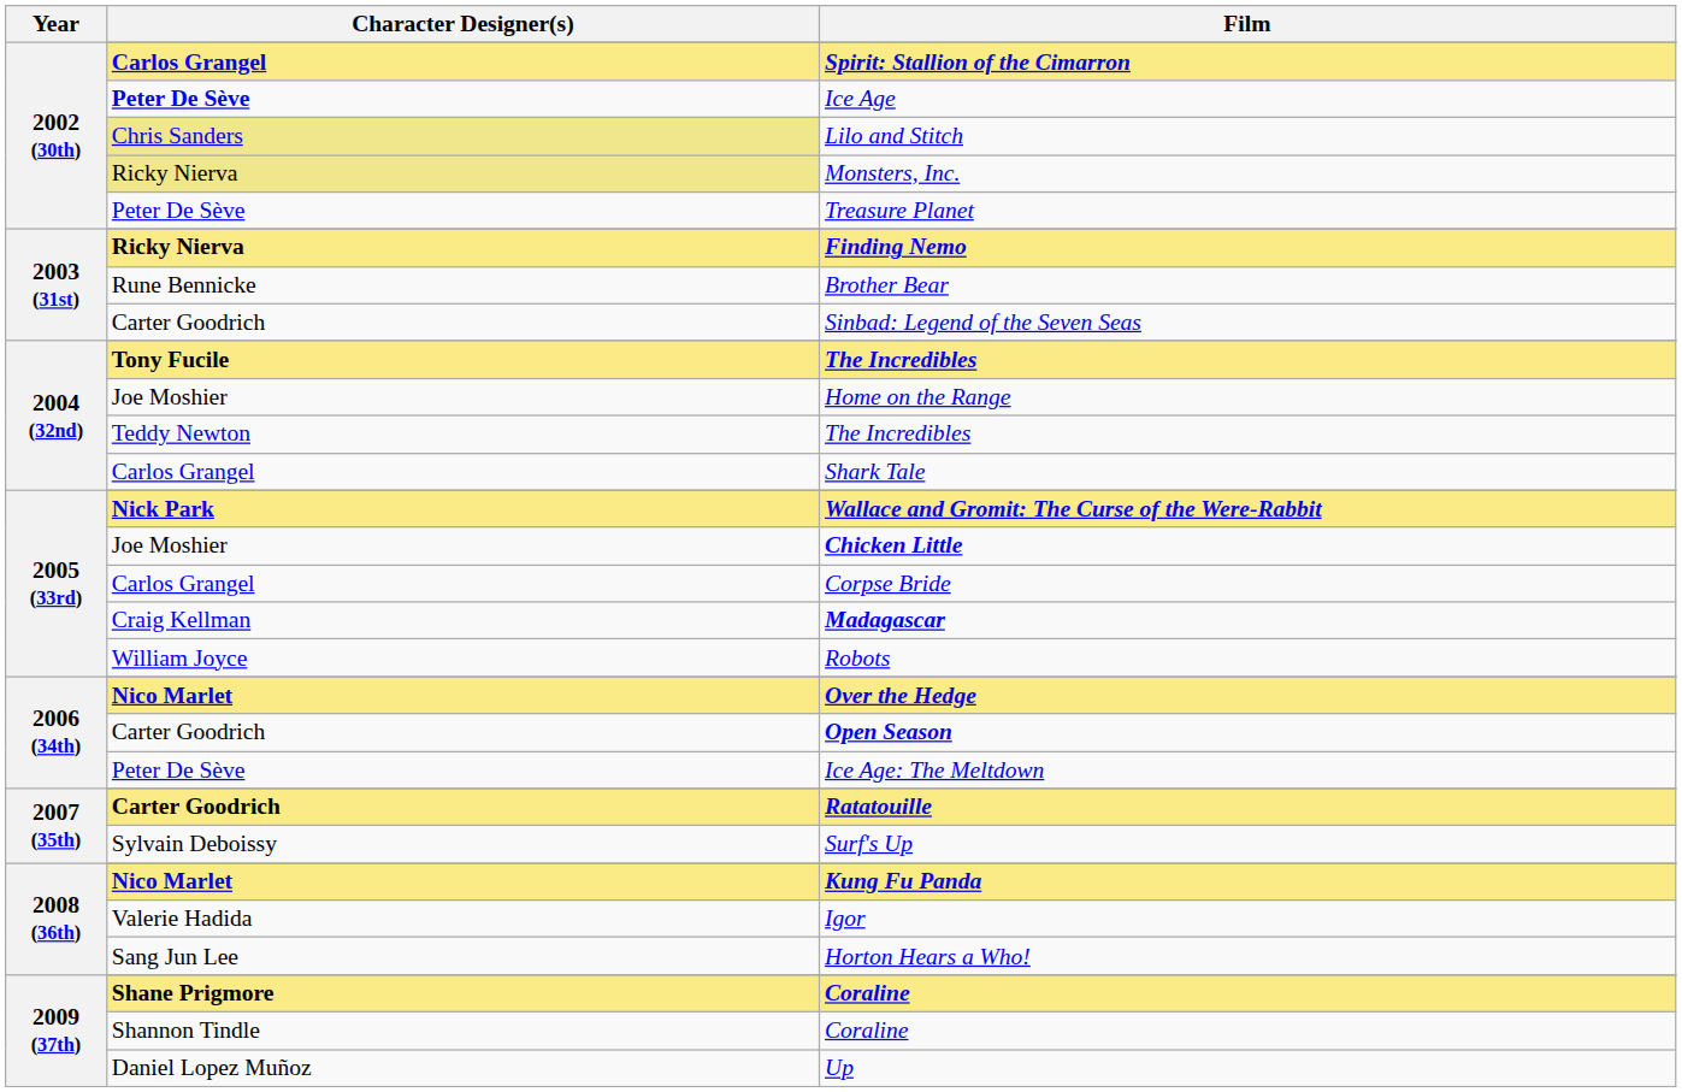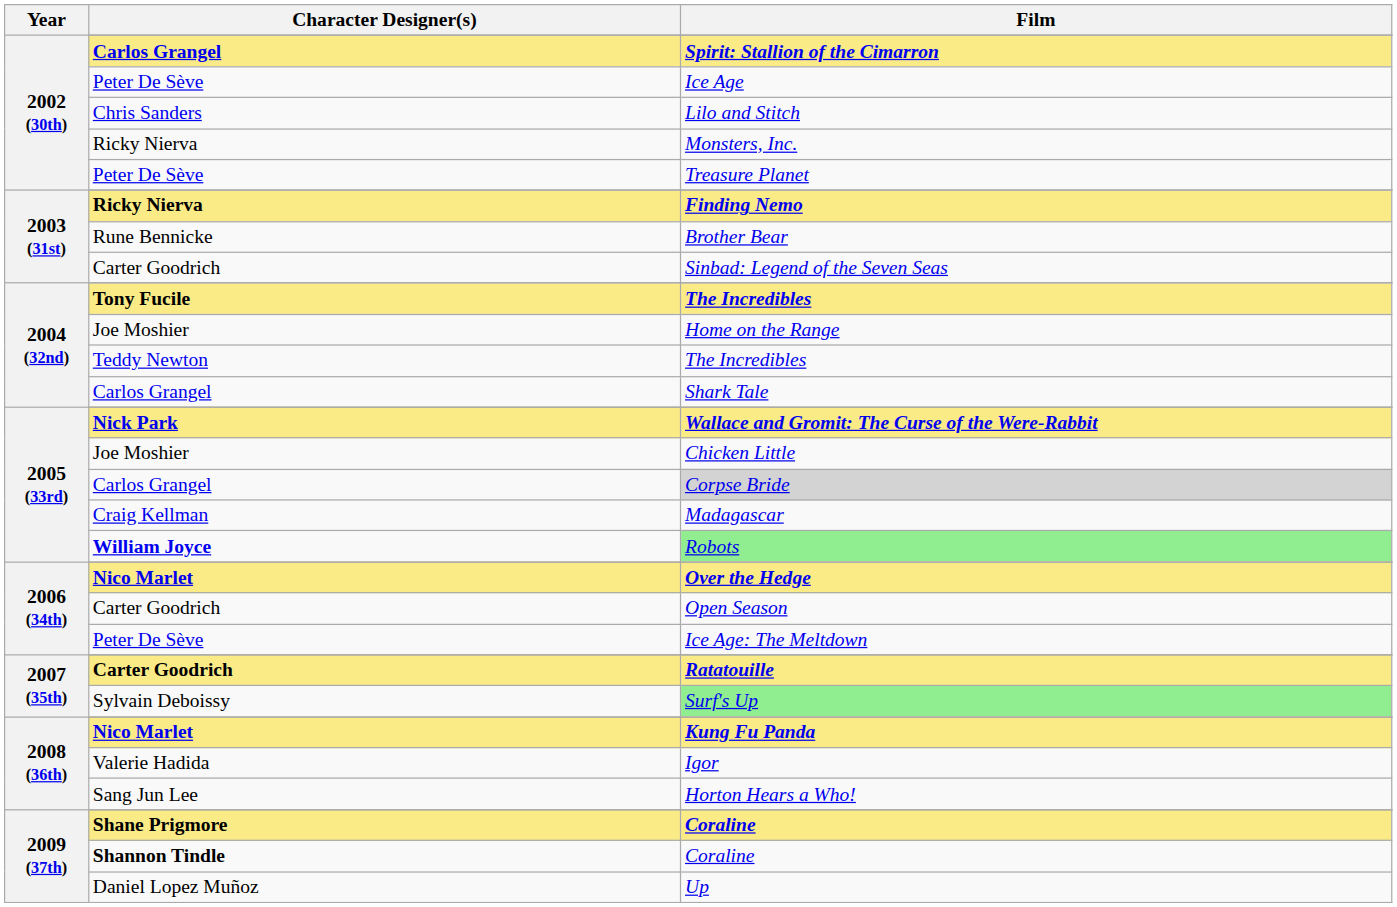 <table class="wikitable" style="width:90%;">
 <tr>
 <th style="width:3%;">Year</th>
 <th style="width:25%;">Character Designer(s)</th>
 <th style="width:30%;">Film</th>
 </tr>
 <tr>
 <th rowspan="6" style="text-align:center;">2002 <br><small>(<a href='#'>30th</a>)</small><br></th>
 </tr>
 <tr>
 <td style="background:#FAEB86;"><strong><a href='#'>Carlos Grangel</a></strong></td>
 <td style="background:#FAEB86;"><strong><em><a href='#'>Spirit: Stallion of the Cimarron</a></em></strong></td>
 </tr>
 <tr>
-<td><strong><a href='#'>Peter De Sève</a></strong></td>
+<td><a href='#'>Peter De Sève</a></td>
 <td><em><a href='#'>Ice Age</a></em></td>
 </tr>
 <tr>
-<td style="background: khaki;"><a href='#'>Chris Sanders</a></td>
+<td><a href='#'>Chris Sanders</a></td>
 <td><em><a href='#'>Lilo and Stitch</a></em></td>
 </tr>
 <tr>
-<td style="background: khaki;">Ricky Nierva</td>
+<td>Ricky Nierva</td>
 <td><em><a href='#'>Monsters, Inc.</a></em></td>
 </tr>
 <tr>
 <td><a href='#'>Peter De Sève</a></td>
 <td><em><a href='#'>Treasure Planet</a></em></td>
 </tr>
 <tr>
 <th rowspan="4" style="text-align:center;">2003 <br><small>(<a href='#'>31st</a>)</small><br></th>
 </tr>
 <tr>
 <td style="background:#FAEB86;"><strong>Ricky Nierva</strong></td>
 <td style="background:#FAEB86;"><strong><em><a href='#'>Finding Nemo</a></em></strong></td>
 </tr>
 <tr>
 <td>Rune Bennicke</td>
 <td><em><a href='#'>Brother Bear</a></em></td>
 </tr>
 <tr>
 <td>Carter Goodrich</td>
 <td><em><a href='#'>Sinbad: Legend of the Seven Seas</a></em></td>
 </tr>
 <tr>
 <th rowspan="5" style="text-align:center;">2004 <br><small>(<a href='#'>32nd</a>)</small><br></th>
 </tr>
 <tr>
 <td style="background:#FAEB86;"><strong>Tony Fucile</strong></td>
 <td style="background:#FAEB86;"><strong><em><a href='#'>The Incredibles</a></em></strong></td>
 </tr>
 <tr>
 <td>Joe Moshier</td>
 <td><a href='#'><em>Home on the Range</em></a></td>
 </tr>
 <tr>
 <td><a href='#'>Teddy Newton</a></td>
 <td><em><a href='#'>The Incredibles</a></em></td>
 </tr>
 <tr>
 <td><a href='#'>Carlos Grangel</a></td>
 <td><em><a href='#'>Shark Tale</a></em></td>
 </tr>
 <tr>
 <th rowspan="6" style="text-align:center;">2005 <br><small>(<a href='#'>33rd</a>)</small><br></th>
 </tr>
 <tr>
 <td style="background:#FAEB86;"><strong><a href='#'>Nick Park</a></strong></td>
 <td style="background:#FAEB86;"><strong><em><a href='#'>Wallace and Gromit: The Curse of the Were-Rabbit</a></em></strong></td>
 </tr>
 <tr>
 <td>Joe Moshier</td>
-<td><strong><a href='#'><em>Chicken Little</em></a></strong></td>
+<td><a href='#'><em>Chicken Little</em></a></td>
 </tr>
 <tr>
 <td><a href='#'>Carlos Grangel</a></td>
-<td><em><a href='#'>Corpse Bride</a></em></td>
+<td style="background: lightgrey;"><em><a href='#'>Corpse Bride</a></em></td>
 </tr>
 <tr>
 <td><a href='#'>Craig Kellman</a></td>
-<td><strong><em><a href='#'>Madagascar</a></em></strong></td>
+<td><em><a href='#'>Madagascar</a></em></td>
 </tr>
 <tr>
-<td><a href='#'>William Joyce</a></td>
-<td><a href='#'><em>Robots</em></a></td>
+<td><strong><a href='#'>William Joyce</a></strong></td>
+<td style="background: lightgreen;"><a href='#'><em>Robots</em></a></td>
 </tr>
 <tr>
 <th rowspan="4" style="text-align:center;">2006 <br><small>(<a href='#'>34th</a>)</small><br></th>
 </tr>
 <tr>
 <td style="background:#FAEB86;"><strong><a href='#'>Nico Marlet</a></strong></td>
 <td style="background:#FAEB86;"><strong><em><a href='#'>Over the Hedge</a></em></strong></td>
 </tr>
 <tr>
 <td>Carter Goodrich</td>
-<td><strong><a href='#'><em>Open Season</em></a></strong></td>
+<td><a href='#'><em>Open Season</em></a></td>
 </tr>
 <tr>
 <td><a href='#'>Peter De Sève</a></td>
 <td><em><a href='#'>Ice Age: The Meltdown</a></em></td>
 </tr>
 <tr>
 <th rowspan="3" style="text-align:center;">2007 <br><small>(<a href='#'>35th</a>)</small><br></th>
 </tr>
 <tr>
 <td style="background:#FAEB86;"><strong>Carter Goodrich</strong></td>
 <td style="background:#FAEB86;"><em><a href='#'><strong>Ratatouille</strong></a></em></td>
 </tr>
 <tr>
 <td>Sylvain Deboissy</td>
-<td><a href='#'><em>Surf's Up</em></a></td>
+<td style="background: lightgreen;"><a href='#'><em>Surf's Up</em></a></td>
 </tr>
 <tr>
 <th rowspan="4" style="text-align:center;">2008 <br><small>(<a href='#'>36th</a>)</small><br></th>
 </tr>
 <tr>
 <td style="background:#FAEB86;"><strong><a href='#'>Nico Marlet</a></strong></td>
 <td style="background:#FAEB86;"><strong><em><a href='#'>Kung Fu Panda</a></em></strong></td>
 </tr>
 <tr>
 <td>Valerie Hadida</td>
 <td><em><a href='#'>Igor</a></em></td>
 </tr>
 <tr>
 <td>Sang Jun Lee</td>
 <td><a href='#'><em>Horton Hears a Who!</em></a></td>
 </tr>
 <tr>
 <th rowspan="4" style="text-align:center;">2009 <br><small>(<a href='#'>37th</a>)</small><br></th>
 </tr>
 <tr>
 <td style="background:#FAEB86;"><strong>Shane Prigmore</strong></td>
 <td style="background:#FAEB86;"><strong><em><a href='#'>Coraline</a></em></strong></td>
 </tr>
 <tr>
-<td>Shannon Tindle</td>
+<td><strong>Shannon Tindle</strong></td>
 <td><a href='#'><em>Coraline</em></a></td>
 </tr>
 <tr>
 <td>Daniel Lopez Muñoz</td>
 <td><a href='#'><em>Up</em></a></td>
 </tr>
 </table>
